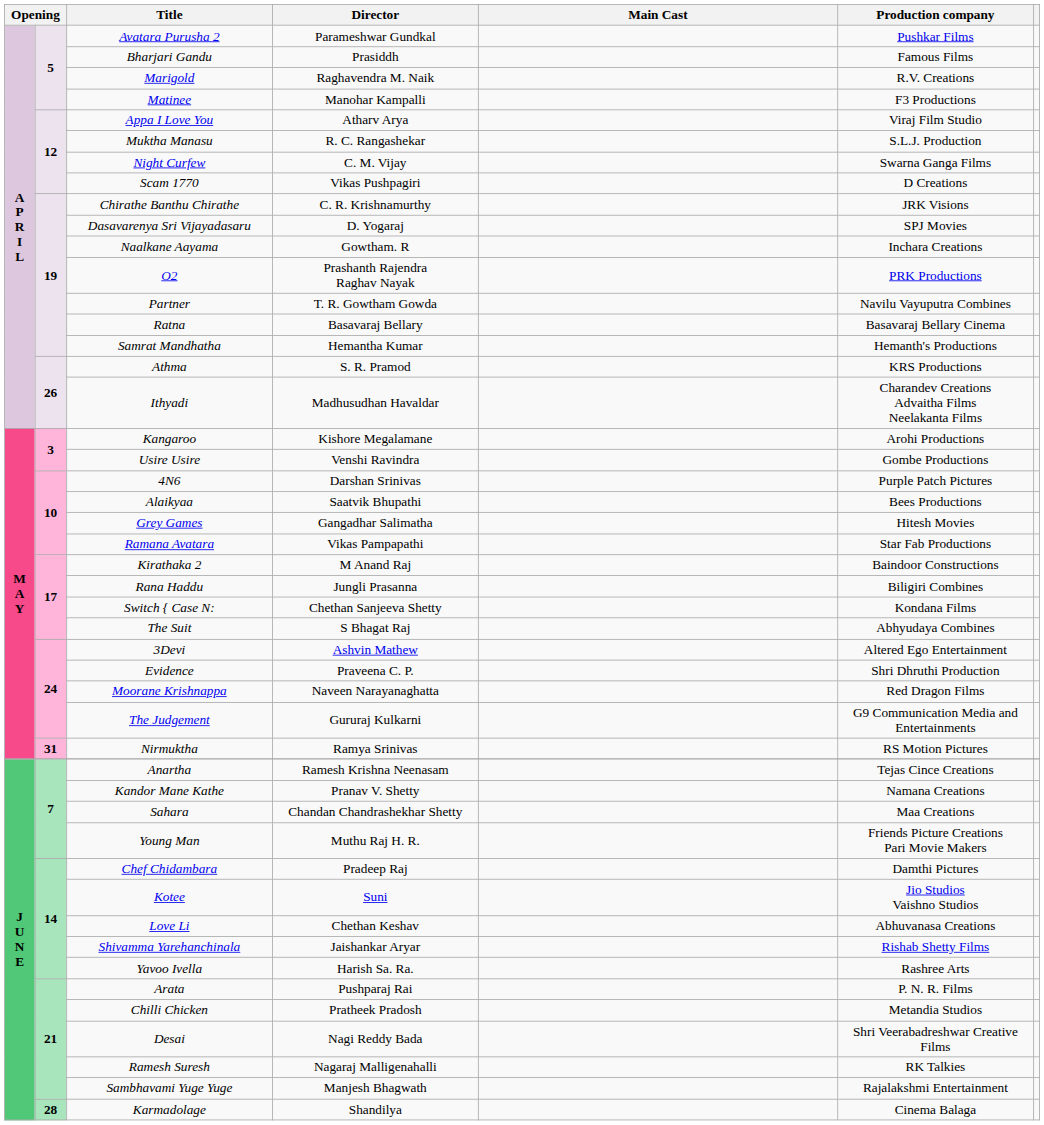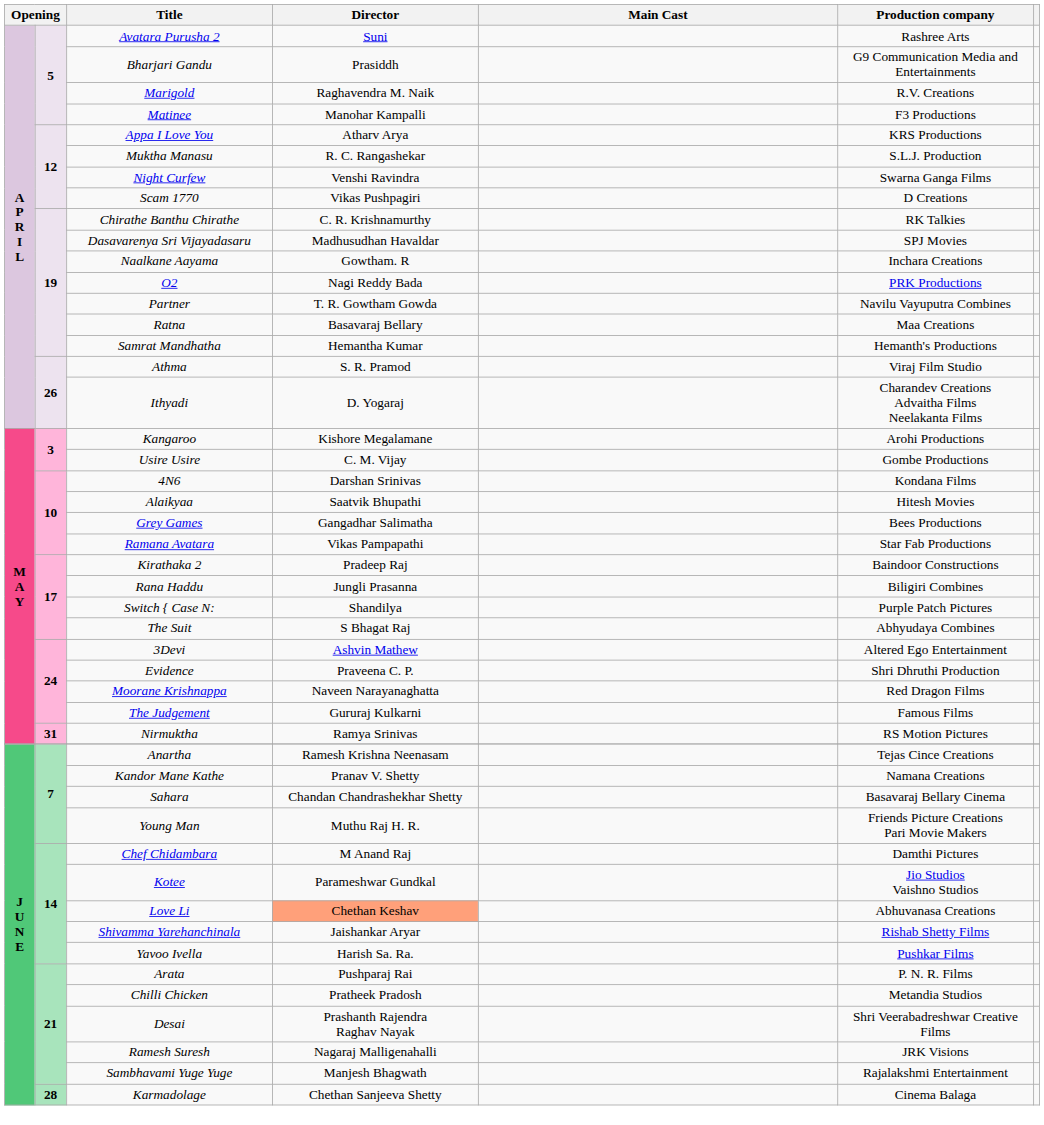 <table class="wikitable sortable">
 <tr>
 <th colspan="2" style="width:6%;"><strong>Opening</strong></th>
 <th style="width:20%;"><strong>Title</strong></th>
 <th style="width:20%;"><strong>Director</strong></th>
 <th style="width:35%;"><strong>Main Cast</strong></th>
 <th style="width:25%;"><strong>Production company</strong></th>
 <th style="width:1%;" class="unsortable"></th>
 </tr>
 <tr>
 <td rowspan="17" style="text-align:center; background:#dcc7df; textcolor:#000;"><strong>A<br>P<br>R<br>I<br>L</strong></td>
 <td rowspan="4" style="text-align:center;background:#ede3ef;"><strong>5</strong></td>
 <td style="text-align:center;"><em><a href='#'>Avatara Purusha 2</a></em></td>
-<td style="text-align:center;">Parameshwar Gundkal</td>
+<td style="text-align:center;"><a href='#'>Suni</a></td>
 <td></td>
-<td style="text-align:center;"><a href='#'>Pushkar Films</a></td>
+<td style="text-align:center;">Rashree Arts</td>
 <td style="text-align:center;"></td>
 </tr>
 <tr>
 <td style="text-align:center;"><em>Bharjari Gandu</em></td>
 <td style="text-align:center;">Prasiddh</td>
 <td></td>
-<td style="text-align:center;">Famous Films</td>
+<td style="text-align:center;">G9 Communication Media and Entertainments</td>
 <td style="text-align:center;"></td>
 </tr>
 <tr>
 <td style="text-align:center;"><em><a href='#'>Marigold</a></em></td>
 <td style="text-align:center;">Raghavendra M. Naik</td>
 <td></td>
 <td style="text-align:center;">R.V. Creations</td>
 <td style="text-align:center;"></td>
 </tr>
 <tr>
 <td style="text-align:center;"><em><a href='#'>Matinee</a></em></td>
 <td style="text-align:center;">Manohar Kampalli</td>
 <td></td>
 <td style="text-align:center;">F3 Productions</td>
 <td style="text-align:center;"></td>
 </tr>
 <tr>
 <td rowspan="4" style="text-align:center;background:#ede3ef;"><strong>12</strong></td>
 <td style="text-align:center;"><em><a href='#'>Appa I Love You</a></em></td>
 <td style="text-align:center;">Atharv Arya</td>
 <td></td>
-<td style="text-align:center;">Viraj Film Studio</td>
+<td style="text-align:center;">KRS Productions</td>
 <td style="text-align:center;"></td>
 </tr>
 <tr>
 <td style="text-align:center;"><em>Muktha Manasu</em></td>
 <td style="text-align:center;">R. C. Rangashekar</td>
 <td></td>
 <td style="text-align:center;">S.L.J. Production</td>
 <td style="text-align:center;"></td>
 </tr>
 <tr>
 <td style="text-align:center;"><em><a href='#'>Night Curfew</a></em></td>
-<td style="text-align:center;">C. M. Vijay</td>
+<td style="text-align:center;">Venshi Ravindra</td>
 <td></td>
 <td style="text-align:center;">Swarna Ganga Films</td>
 <td style="text-align:center;"></td>
 </tr>
 <tr>
 <td style="text-align:center;"><em>Scam 1770</em></td>
 <td style="text-align:center;">Vikas Pushpagiri</td>
 <td></td>
 <td style="text-align:center;">D Creations</td>
 <td style="text-align:center;"></td>
 </tr>
 <tr>
 <td rowspan="7" style="text-align:center;background:#ede3ef;"><strong>19</strong></td>
 <td style="text-align:center;"><em>Chirathe Banthu Chirathe</em></td>
 <td style="text-align:center;">C. R. Krishnamurthy</td>
 <td></td>
-<td style="text-align:center;">JRK Visions</td>
+<td style="text-align:center;">RK Talkies</td>
 <td style="text-align:center;"></td>
 </tr>
 <tr>
 <td style="text-align:center;"><em>Dasavarenya Sri Vijayadasaru</em></td>
-<td style="text-align:center;">D. Yogaraj</td>
+<td style="text-align:center;">Madhusudhan Havaldar</td>
 <td></td>
 <td style="text-align:center;">SPJ Movies</td>
 <td style="text-align:center;"></td>
 </tr>
 <tr>
 <td style="text-align:center;"><em>Naalkane Aayama</em></td>
 <td style="text-align:center;">Gowtham. R</td>
 <td></td>
 <td style="text-align:center;">Inchara Creations</td>
 <td style="text-align:center;"></td>
 </tr>
 <tr>
 <td style="text-align:center;"><em><a href='#'>O2</a></em></td>
-<td style="text-align:center;">Prashanth Rajendra <br> Raghav Nayak</td>
+<td style="text-align:center;">Nagi Reddy Bada</td>
 <td></td>
 <td style="text-align:center;"><a href='#'>PRK Productions</a></td>
 <td style="text-align:center;"></td>
 </tr>
 <tr>
 <td style="text-align:center;"><em>Partner</em></td>
 <td style="text-align:center;">T. R. Gowtham Gowda</td>
 <td></td>
 <td style="text-align:center;">Navilu Vayuputra Combines</td>
 <td style="text-align:center;"></td>
 </tr>
 <tr>
 <td style="text-align:center;"><em>Ratna</em></td>
 <td style="text-align:center;">Basavaraj Bellary</td>
 <td></td>
-<td style="text-align:center;">Basavaraj Bellary Cinema</td>
+<td style="text-align:center;">Maa Creations</td>
 <td style="text-align:center;"></td>
 </tr>
 <tr>
 <td style="text-align:center;"><em>Samrat Mandhatha</em></td>
 <td style="text-align:center;">Hemantha Kumar</td>
 <td></td>
 <td style="text-align:center;">Hemanth's Productions</td>
 <td style="text-align:center;"></td>
 </tr>
 <tr>
 <td rowspan="2" style="text-align:center;background:#ede3ef;"><strong>26</strong></td>
 <td style="text-align:center;"><em>Athma</em></td>
 <td style="text-align:center;">S. R. Pramod</td>
 <td></td>
-<td style="text-align:center;">KRS Productions</td>
+<td style="text-align:center;">Viraj Film Studio</td>
 <td style="text-align:center;"></td>
 </tr>
 <tr>
 <td style="text-align:center;"><em>Ithyadi</em></td>
-<td style="text-align:center;">Madhusudhan Havaldar</td>
+<td style="text-align:center;">D. Yogaraj</td>
 <td></td>
 <td style="text-align:center;">Charandev Creations <br> Advaitha Films <br> Neelakanta Films</td>
 <td style="text-align:center;"></td>
 </tr>
 <tr>
 <td rowspan="15" style="text-align:center; background:#f64a8a;"><strong>M<br>A<br>Y</strong></td>
 <td rowspan="2" style="text-align:center;background:#ffb5da;"><strong>3</strong></td>
 <td style="text-align:center;"><em>Kangaroo</em></td>
 <td style="text-align:center;">Kishore Megalamane</td>
 <td></td>
 <td style="text-align:center;">Arohi Productions</td>
 <td style="text-align:center;"></td>
 </tr>
 <tr>
 <td style="text-align:center;"><em>Usire Usire</em></td>
-<td style="text-align:center;">Venshi Ravindra</td>
+<td style="text-align:center;">C. M. Vijay</td>
 <td></td>
 <td style="text-align:center;">Gombe Productions</td>
 <td style="text-align:center;"></td>
 </tr>
 <tr>
 <td rowspan="4" style="text-align:center;background:#ffb5da;"><strong>10</strong></td>
 <td style="text-align:center;"><em>4N6</em></td>
 <td style="text-align:center;">Darshan Srinivas</td>
 <td></td>
-<td style="text-align:center;">Purple Patch Pictures</td>
+<td style="text-align:center;">Kondana Films</td>
 <td style="text-align:center;"></td>
 </tr>
 <tr>
 <td style="text-align:center;"><em>Alaikyaa</em></td>
 <td style="text-align:center;">Saatvik Bhupathi</td>
 <td></td>
-<td style="text-align:center;">Bees Productions</td>
+<td style="text-align:center;">Hitesh Movies</td>
 <td style="text-align:center;"></td>
 </tr>
 <tr>
 <td style="text-align:center;"><em><a href='#'>Grey Games</a></em></td>
 <td style="text-align:center;">Gangadhar Salimatha</td>
 <td></td>
-<td style="text-align:center;">Hitesh Movies</td>
+<td style="text-align:center;">Bees Productions</td>
 <td style="text-align:center;"><br></td>
 </tr>
 <tr>
 <td style="text-align:center;"><em><a href='#'>Ramana Avatara</a></em></td>
 <td style="text-align:center;">Vikas Pampapathi</td>
 <td></td>
 <td style="text-align:center;">Star Fab Productions</td>
 <td style="text-align:center;"></td>
 </tr>
 <tr>
 <td rowspan="4" style="text-align:center;background:#ffb5da;"><strong>17</strong></td>
 <td style="text-align:center;"><em>Kirathaka 2</em></td>
-<td style="text-align:center;">M Anand Raj</td>
+<td style="text-align:center;">Pradeep Raj</td>
 <td></td>
 <td style="text-align:center;">Baindoor Constructions</td>
 <td style="text-align:center;"></td>
 </tr>
 <tr>
 <td style="text-align:center;"><em>Rana Haddu</em></td>
 <td style="text-align:center;">Jungli Prasanna</td>
 <td></td>
 <td style="text-align:center;">Biligiri Combines</td>
 <td style="text-align:center;"></td>
 </tr>
 <tr>
 <td style="text-align:center;"><em>Switch { Case N:</em></td>
-<td style="text-align:center;">Chethan Sanjeeva Shetty</td>
+<td style="text-align:center;">Shandilya</td>
 <td></td>
-<td style="text-align:center;">Kondana Films</td>
+<td style="text-align:center;">Purple Patch Pictures</td>
 <td style="text-align:center;"></td>
 </tr>
 <tr>
 <td style="text-align:center;"><em>The Suit</em></td>
 <td style="text-align:center;">S Bhagat Raj</td>
 <td></td>
 <td style="text-align:center;">Abhyudaya Combines</td>
 <td style="text-align:center;"></td>
 </tr>
 <tr>
 <td rowspan="4" style="text-align:center;background:#ffb5da;"><strong>24</strong></td>
 <td style="text-align:center;"><em>3Devi</em></td>
 <td style="text-align:center;"><a href='#'>Ashvin Mathew</a></td>
 <td></td>
 <td style="text-align:center;">Altered Ego Entertainment</td>
 <td style="text-align:center;"></td>
 </tr>
 <tr>
 <td style="text-align:center;"><em>Evidence</em></td>
 <td style="text-align:center;">Praveena C. P.</td>
 <td></td>
 <td style="text-align:center;">Shri Dhruthi Production</td>
 <td style="text-align:center;"></td>
 </tr>
 <tr>
 <td style="text-align:center;"><em><a href='#'>Moorane Krishnappa</a></em></td>
 <td style="text-align:center;">Naveen Narayanaghatta</td>
 <td></td>
 <td style="text-align:center;">Red Dragon Films</td>
 <td style="text-align:center;"></td>
 </tr>
 <tr>
 <td style="text-align:center;"><em><a href='#'>The Judgement</a></em></td>
 <td style="text-align:center;">Gururaj Kulkarni</td>
 <td></td>
-<td style="text-align:center;">G9 Communication Media and Entertainments</td>
+<td style="text-align:center;">Famous Films</td>
 <td></td>
 </tr>
 <tr>
 <td rowspan="1" style="text-align:center;background:#ffb5da;"><strong>31</strong></td>
 <td style="text-align:center;"><em>Nirmuktha</em></td>
 <td style="text-align:center;">Ramya Srinivas</td>
 <td></td>
 <td style="text-align:center;">RS Motion Pictures</td>
 <td style="text-align:center;"></td>
 </tr>
 <tr>
 </tr>
 <tr June!>
 <td rowspan="16" style="text-align:center; background:#50c878; textcolor:#000;"><strong>J<br>U<br>N<br>E</strong></td>
 <td rowspan="4" style="text-align:center;background:#a8e4bc;"><strong>7</strong></td>
 <td style="text-align:center;"><em>Anartha</em></td>
 <td style="text-align:center;">Ramesh Krishna Neenasam</td>
 <td></td>
 <td style="text-align:center;">Tejas Cince Creations</td>
 <td style="text-align:center;"></td>
 </tr>
 <tr>
 <td style="text-align:center;"><em>Kandor Mane Kathe</em></td>
 <td style="text-align:center;">Pranav V. Shetty</td>
 <td></td>
 <td style="text-align:center;">Namana Creations</td>
 <td style="text-align:center;"></td>
 </tr>
 <tr>
 <td style="text-align:center;"><em>Sahara</em></td>
 <td style="text-align:center;">Chandan Chandrashekhar Shetty</td>
 <td></td>
-<td style="text-align:center;">Maa Creations</td>
+<td style="text-align:center;">Basavaraj Bellary Cinema</td>
 <td style="text-align:center;"></td>
 </tr>
 <tr>
 <td style="text-align:center;"><em>Young Man</em></td>
 <td style="text-align:center;">Muthu Raj H. R.</td>
 <td></td>
 <td style="text-align:center;">Friends Picture Creations <br> Pari Movie Makers</td>
 <td style="text-align:center;"></td>
 </tr>
 <tr>
 <td rowspan="5" style="text-align:center;background:#a8e4bc;"><strong>14</strong></td>
 <td style="text-align:center;"><em><a href='#'>Chef Chidambara</a></em></td>
-<td style="text-align:center;">Pradeep Raj</td>
+<td style="text-align:center;">M Anand Raj</td>
 <td></td>
 <td style="text-align:center;">Damthi Pictures</td>
 <td></td>
 </tr>
 <tr>
 <td style="text-align:center;"><em><a href='#'>Kotee</a></em></td>
-<td style="text-align:center;"><a href='#'>Suni</a></td>
+<td style="text-align:center;">Parameshwar Gundkal</td>
 <td></td>
 <td style="text-align:center;"><a href='#'>Jio Studios</a><br>Vaishno Studios</td>
 <td style="text-align:center;"></td>
 </tr>
 <tr>
 <td style="text-align:center;"><em><a href='#'>Love Li</a></em></td>
-<td style="text-align:center;">Chethan Keshav</td>
+<td style="background: lightsalmon; text-align:center;">Chethan Keshav</td>
 <td></td>
 <td style="text-align:center;">Abhuvanasa Creations</td>
 <td></td>
 </tr>
 <tr>
 <td style="text-align:center;"><em><a href='#'>Shivamma Yarehanchinala</a></em></td>
 <td style="text-align:center;">Jaishankar Aryar</td>
 <td></td>
 <td style="text-align:center;"><a href='#'>Rishab Shetty Films</a></td>
 <td style="text-align:center;"></td>
 </tr>
 <tr>
 <td style="text-align:center;"><em>Yavoo Ivella</em></td>
 <td style="text-align:center;">Harish Sa. Ra.</td>
 <td></td>
-<td style="text-align:center;">Rashree Arts</td>
+<td style="text-align:center;"><a href='#'>Pushkar Films</a></td>
 <td style="text-align:center;"></td>
 </tr>
 <tr>
 <td rowspan="5" style="text-align:center;background:#a8e4bc;"><strong>21</strong></td>
 <td style="text-align:center;"><em>Arata</em></td>
 <td style="text-align:center;">Pushparaj Rai</td>
 <td></td>
 <td style="text-align:center;">P. N. R. Films</td>
 <td style="text-align:center;"></td>
 </tr>
 <tr>
 <td style="text-align:center;"><em>Chilli Chicken</em></td>
 <td style="text-align:center;">Pratheek Pradosh</td>
 <td></td>
 <td style="text-align:center;">Metandia Studios</td>
 <td style="text-align:center;"></td>
 </tr>
 <tr>
 <td style="text-align:center;"><em>Desai</em></td>
-<td style="text-align:center;">Nagi Reddy Bada</td>
+<td style="text-align:center;">Prashanth Rajendra <br> Raghav Nayak</td>
 <td></td>
 <td style="text-align:center;">Shri Veerabadreshwar Creative Films</td>
 <td style="text-align:center;"></td>
 </tr>
 <tr>
 <td style="text-align:center;"><em>Ramesh Suresh</em></td>
 <td style="text-align:center;">Nagaraj Malligenahalli</td>
 <td></td>
-<td style="text-align:center;">RK Talkies</td>
+<td style="text-align:center;">JRK Visions</td>
 <td style="text-align:center;"></td>
 </tr>
 <tr>
 <td style="text-align:center;"><em>Sambhavami Yuge Yuge</em></td>
 <td style="text-align:center;">Manjesh Bhagwath</td>
 <td></td>
 <td style="text-align:center;">Rajalakshmi Entertainment</td>
 <td style="text-align:center;"></td>
 </tr>
 <tr>
 <td rowspan="1" style="text-align:center;background:#a8e4bc;"><strong>28</strong></td>
 <td style="text-align:center;"><em>Karmadolage</em></td>
-<td style="text-align:center;">Shandilya</td>
+<td style="text-align:center;">Chethan Sanjeeva Shetty</td>
 <td></td>
 <td style="text-align:center;">Cinema Balaga</td>
 <td style="text-align:center;"></td>
 </tr>
 </table>
